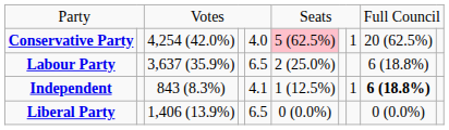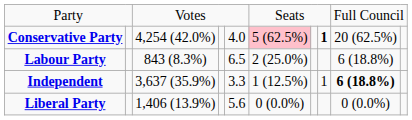 <table class=wikitable style="text-align:center;">
 <tr>
 <td colspan=2>Party</td>
 <td colspan=3>Votes</td>
 <td colspan=3>Seats</td>
 <td colspan=3>Full Council</td>
 </tr>
 <tr>
 <td><strong><a href='#'>Conservative Party</a></strong></td>
 <td style="background:"></td>
 <td>4,254 (42.0%)</td>
 <td></td>
 <td> 4.0</td>
 <td style="background: pink;">5 (62.5%)</td>
 <td></td>
-<td> 1</td>
+<td><strong> 1</strong></td>
 <td>20 (62.5%)</td>
 <td></td>
 </tr>
 <tr>
 <td><strong><a href='#'>Labour Party</a></strong></td>
 <td style="background:"></td>
-<td>3,637 (35.9%)</td>
+<td>843 (8.3%)</td>
 <td></td>
 <td> 6.5</td>
 <td>2 (25.0%)</td>
 <td></td>
 <td></td>
 <td>6 (18.8%)</td>
 <td></td>
 </tr>
 <tr>
 <td><strong><a href='#'>Independent</a></strong></td>
 <td style="background:"></td>
-<td>843 (8.3%)</td>
+<td>3,637 (35.9%)</td>
 <td></td>
-<td> 4.1</td>
+<td> 3.3</td>
 <td>1 (12.5%)</td>
 <td></td>
 <td> 1</td>
 <td><strong>6  (18.8%)</strong></td>
 <td></td>
 </tr>
 <tr>
 <td><strong><a href='#'>Liberal Party</a></strong></td>
 <td style="background:"></td>
 <td>1,406 (13.9%)</td>
 <td></td>
-<td> 6.5</td>
+<td> 5.6</td>
 <td>0  (0.0%)</td>
 <td></td>
 <td></td>
 <td>0 (0.0%)</td>
 <td></td>
 </tr>
 </table>
